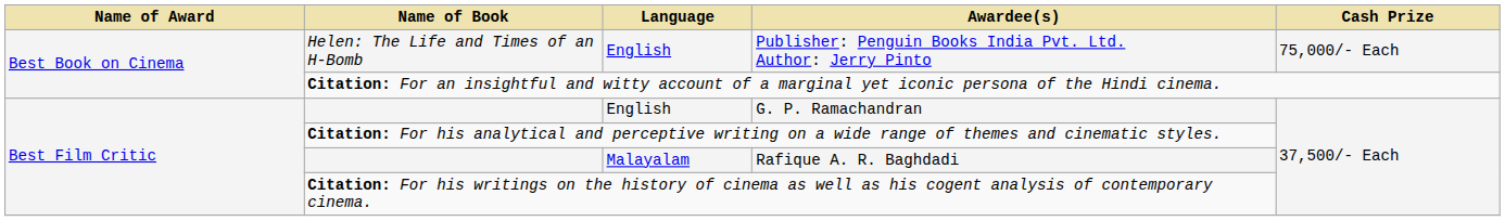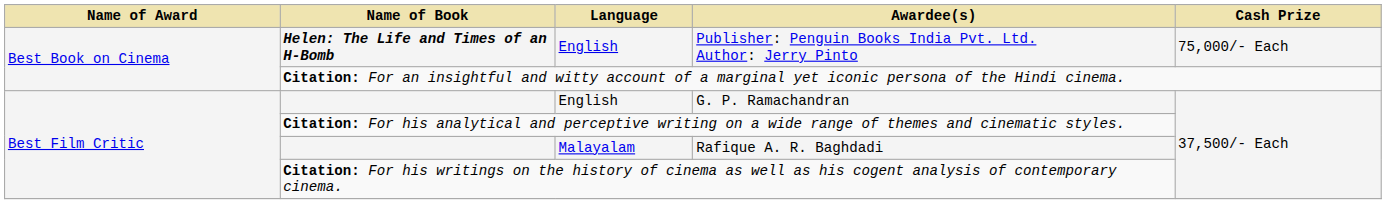 <table class="wikitable" style="width:100%;">
 <tr style="background-color:#F4F4F4">
 <th style="background-color:#EFE4B0;width:20%;">Name of Award</th>
 <th style="background-color:#EFE4B0;width:20%;">Name of Book</th>
 <th style="background-color:#EFE4B0;width:10%;">Language</th>
 <th style="background-color:#EFE4B0;width:35%;">Awardee(s)</th>
 <th style="background-color:#EFE4B0;width:15%;">Cash Prize</th>
 </tr>
 <tr style="background-color:#F4F4F4">
 <td rowspan="2"><a href='#'>Best Book on Cinema</a></td>
-<td><em>Helen: The Life and Times of an H-Bomb</em></td>
+<td><strong><em>Helen: The Life and Times of an H-Bomb</em></strong></td>
 <td><a href='#'>English</a></td>
 <td><a href='#'>Publisher</a>: <a href='#'>Penguin Books India Pvt. Ltd.</a><br><a href='#'>Author</a>: <a href='#'>Jerry Pinto</a></td>
 <td> 75,000/- Each</td>
 </tr>
 <tr style="background-color:#F9F9F9">
 <td colspan="4"><strong>Citation:</strong> <em>For an insightful and witty account of a marginal yet iconic persona of the Hindi cinema.</em></td>
 </tr>
 <tr style="background-color:#F4F4F4">
 <td rowspan="4"><a href='#'>Best Film Critic</a></td>
 <td></td>
 <td>English</td>
 <td>G. P. Ramachandran</td>
 <td rowspan="4"> 37,500/- Each</td>
 </tr>
 <tr style="background-color:#F9F9F9">
 <td colspan="3"><strong>Citation:</strong> <em>For his analytical and perceptive writing on a wide range of themes and cinematic styles.</em></td>
 </tr>
 <tr style="background-color:#F4F4F4">
 <td></td>
 <td><a href='#'>Malayalam</a></td>
 <td>Rafique A. R. Baghdadi</td>
 </tr>
 <tr style="background-color:#F9F9F9">
 <td colspan="3"><strong>Citation:</strong> <em>For his writings on the history of cinema as well as his cogent analysis of contemporary cinema.</em></td>
 </tr>
 <tr style="background-color:#F4F4F4">
 </tr>
 </table>
